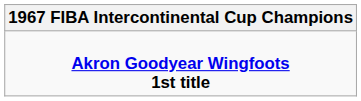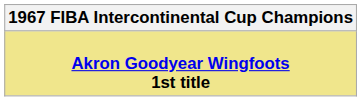 <table class=wikitable style="text-align:center; margin:auto">
 <tr>
 <th>1967 FIBA Intercontinental Cup Champions</th>
 </tr>
 <tr>
-<td><br><strong><a href='#'>Akron Goodyear Wingfoots</a></strong><br><strong>1st title</strong></td>
+<td style="background: khaki;"><br><strong><a href='#'>Akron Goodyear Wingfoots</a></strong><br><strong>1st title</strong></td>
 </tr>
 </table>
